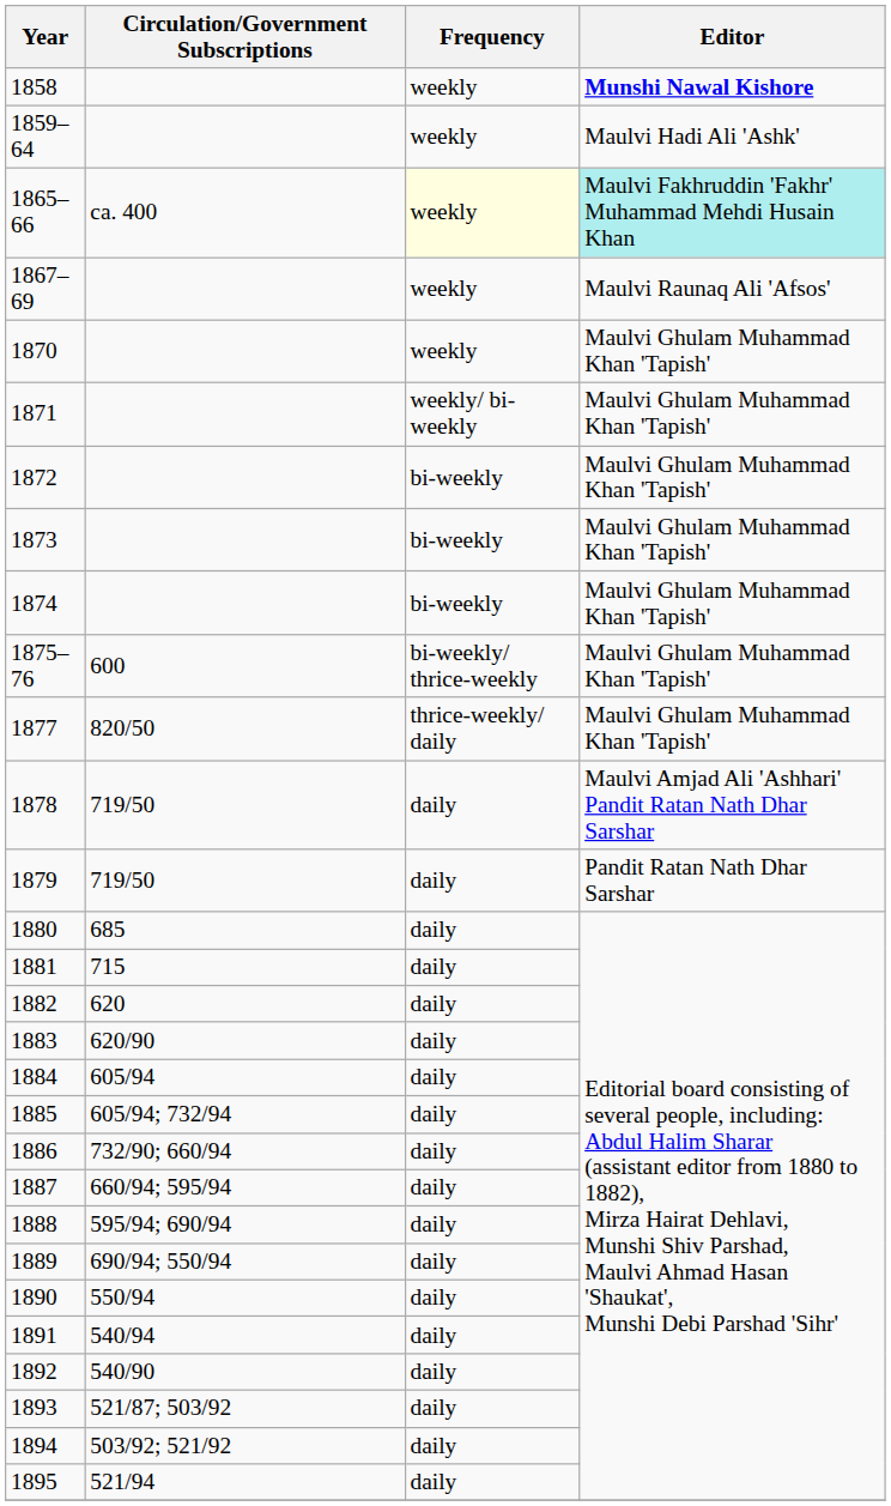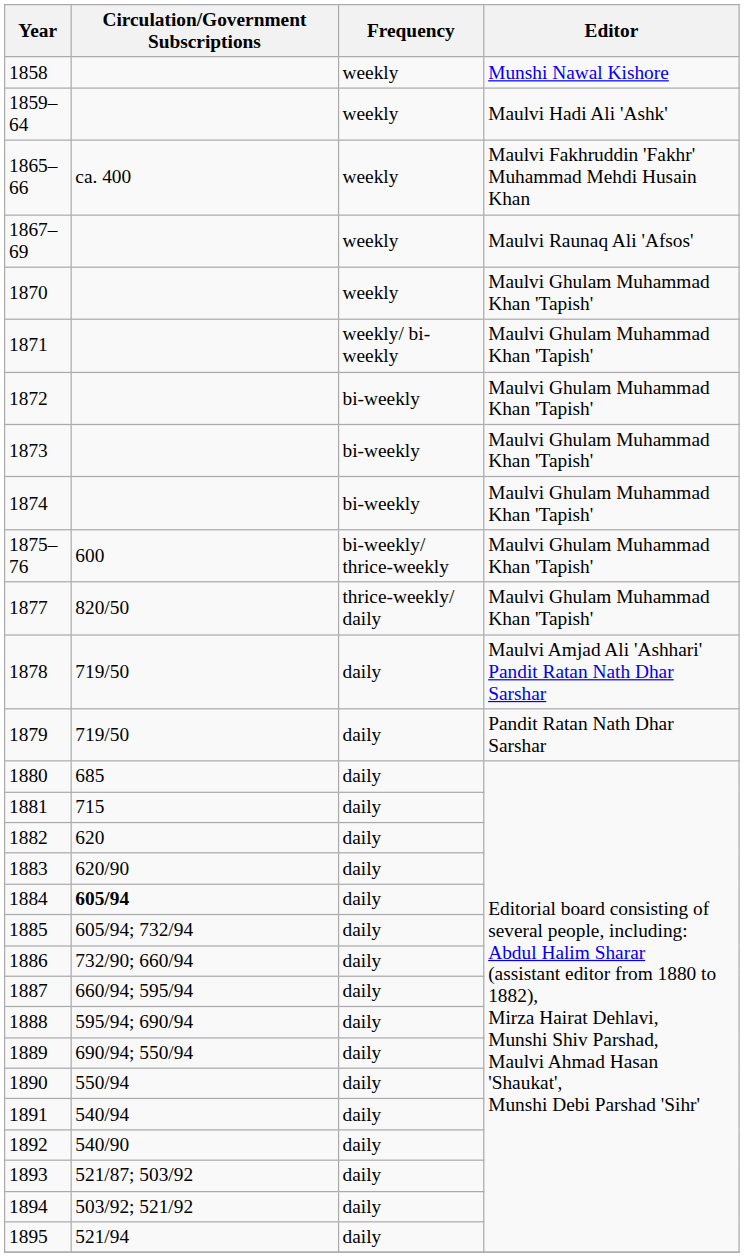 <table class="wikitable">
 <tr>
 <th>Year</th>
 <th>Circulation/Government Subscriptions</th>
 <th>Frequency</th>
 <th>Editor</th>
 </tr>
 <tr>
 <td>1858</td>
 <td></td>
 <td>weekly</td>
-<td><strong><a href='#'>Munshi Nawal Kishore</a></strong></td>
+<td><a href='#'>Munshi Nawal Kishore</a></td>
 </tr>
 <tr>
 <td>1859–64</td>
 <td></td>
 <td>weekly</td>
 <td>Maulvi Hadi Ali 'Ashk'</td>
 </tr>
 <tr>
 <td>1865–66</td>
 <td>ca. 400</td>
-<td style="background: lightyellow;">weekly</td>
-<td style="background: paleturquoise;">Maulvi Fakhruddin 'Fakhr'<br>Muhammad Mehdi Husain Khan</td>
+<td>weekly</td>
+<td>Maulvi Fakhruddin 'Fakhr'<br>Muhammad Mehdi Husain Khan</td>
 </tr>
 <tr>
 <td>1867–69</td>
 <td></td>
 <td>weekly</td>
 <td>Maulvi Raunaq Ali 'Afsos'</td>
 </tr>
 <tr>
 <td>1870</td>
 <td></td>
 <td>weekly</td>
 <td>Maulvi Ghulam Muhammad Khan 'Tapish'</td>
 </tr>
 <tr>
 <td>1871</td>
 <td></td>
 <td>weekly/ bi-weekly</td>
 <td>Maulvi Ghulam Muhammad Khan 'Tapish'</td>
 </tr>
 <tr>
 <td>1872</td>
 <td></td>
 <td>bi-weekly</td>
 <td>Maulvi Ghulam Muhammad Khan 'Tapish'</td>
 </tr>
 <tr>
 <td>1873</td>
 <td></td>
 <td>bi-weekly</td>
 <td>Maulvi Ghulam Muhammad Khan 'Tapish'</td>
 </tr>
 <tr>
 <td>1874</td>
 <td></td>
 <td>bi-weekly</td>
 <td>Maulvi Ghulam Muhammad Khan 'Tapish'</td>
 </tr>
 <tr>
 <td>1875–76</td>
 <td>600</td>
 <td>bi-weekly/ thrice-weekly</td>
 <td>Maulvi Ghulam Muhammad Khan 'Tapish'</td>
 </tr>
 <tr>
 <td>1877</td>
 <td>820/50</td>
 <td>thrice-weekly/ daily</td>
 <td>Maulvi Ghulam Muhammad Khan 'Tapish'</td>
 </tr>
 <tr>
 <td>1878</td>
 <td>719/50</td>
 <td>daily</td>
 <td>Maulvi Amjad Ali 'Ashhari'<br><a href='#'>Pandit Ratan Nath Dhar Sarshar</a></td>
 </tr>
 <tr>
 <td>1879</td>
 <td>719/50</td>
 <td>daily</td>
 <td>Pandit Ratan Nath Dhar Sarshar</td>
 </tr>
 <tr>
 <td>1880</td>
 <td>685</td>
 <td>daily</td>
 <td rowspan="16">Editorial board consisting of several people, including:<br><a href='#'>Abdul Halim Sharar</a><br>(assistant editor from 1880 to 1882),<br>Mirza Hairat Dehlavi,<br>Munshi Shiv Parshad,<br>Maulvi Ahmad Hasan 'Shaukat',<br>Munshi Debi Parshad 'Sihr'</td>
 </tr>
 <tr>
 <td>1881</td>
 <td>715</td>
 <td>daily</td>
 </tr>
 <tr>
 <td>1882</td>
 <td>620</td>
 <td>daily</td>
 </tr>
 <tr>
 <td>1883</td>
 <td>620/90</td>
 <td>daily</td>
 </tr>
 <tr>
 <td>1884</td>
-<td>605/94</td>
+<td><strong>605/94</strong></td>
 <td>daily</td>
 </tr>
 <tr>
 <td>1885</td>
 <td>605/94; 732/94</td>
 <td>daily</td>
 </tr>
 <tr>
 <td>1886</td>
 <td>732/90; 660/94</td>
 <td>daily</td>
 </tr>
 <tr>
 <td>1887</td>
 <td>660/94; 595/94</td>
 <td>daily</td>
 </tr>
 <tr>
 <td>1888</td>
 <td>595/94; 690/94</td>
 <td>daily</td>
 </tr>
 <tr>
 <td>1889</td>
 <td>690/94; 550/94</td>
 <td>daily</td>
 </tr>
 <tr>
 <td>1890</td>
 <td>550/94</td>
 <td>daily</td>
 </tr>
 <tr>
 <td>1891</td>
 <td>540/94</td>
 <td>daily</td>
 </tr>
 <tr>
 <td>1892</td>
 <td>540/90</td>
 <td>daily</td>
 </tr>
 <tr>
 <td>1893</td>
 <td>521/87; 503/92</td>
 <td>daily</td>
 </tr>
 <tr>
 <td>1894</td>
 <td>503/92; 521/92</td>
 <td>daily</td>
 </tr>
 <tr>
 <td>1895</td>
 <td>521/94</td>
 <td>daily</td>
 </tr>
 <tr>
 </tr>
 </table>
